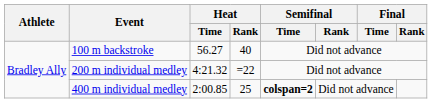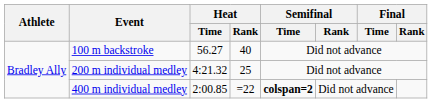 <table class=wikitable style="font-size:90%">
 <tr>
 <th rowspan="2">Athlete</th>
 <th rowspan="2">Event</th>
 <th colspan="2">Heat</th>
 <th colspan="2">Semifinal</th>
 <th colspan="2">Final</th>
 </tr>
 <tr style="font-size:95%">
 <th>Time</th>
 <th>Rank</th>
 <th>Time</th>
 <th>Rank</th>
 <th>Time</th>
 <th>Rank</th>
 </tr>
 <tr align=center>
 <td align=left rowspan=3><a href='#'>Bradley Ally</a></td>
 <td align=left><a href='#'>100 m backstroke</a></td>
 <td>56.27</td>
 <td>40</td>
 <td colspan=4>Did not advance</td>
 </tr>
 <tr align=center>
 <td align=left><a href='#'>200 m individual medley</a></td>
 <td>4:21.32</td>
-<td>=22</td>
+<td>25</td>
 <td colspan=4>Did not advance</td>
 </tr>
 <tr align=center>
 <td align=left><a href='#'>400 m individual medley</a></td>
 <td>2:00.85</td>
-<td>25</td>
+<td>=22</td>
 <td><strong>colspan=2 </strong></td>
 <td colspan=2>Did not advance</td>
 </tr>
 </table>
